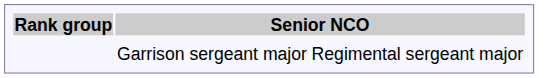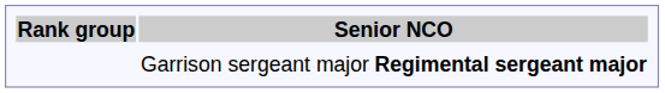 <table style="border:1px solid #8888aa; background-color:#f7f8ff; padding:5px; font-size:95%; margin: 0px 12px 12px 0px;">
 <tr style="background-color:#CCCCCC; text-align:center;">
 <th>Rank group</th>
 <th colspan=2>Senior NCO</th>
 </tr>
 <tr style="text-align:center;">
 <td rowspan=2></td>
 <td></td>
 <td></td>
 </tr>
 <tr style="text-align:center;">
 <td>Garrison sergeant major</td>
-<td>Regimental sergeant major</td>
+<td><strong>Regimental sergeant major</strong></td>
 </tr>
 </table>
